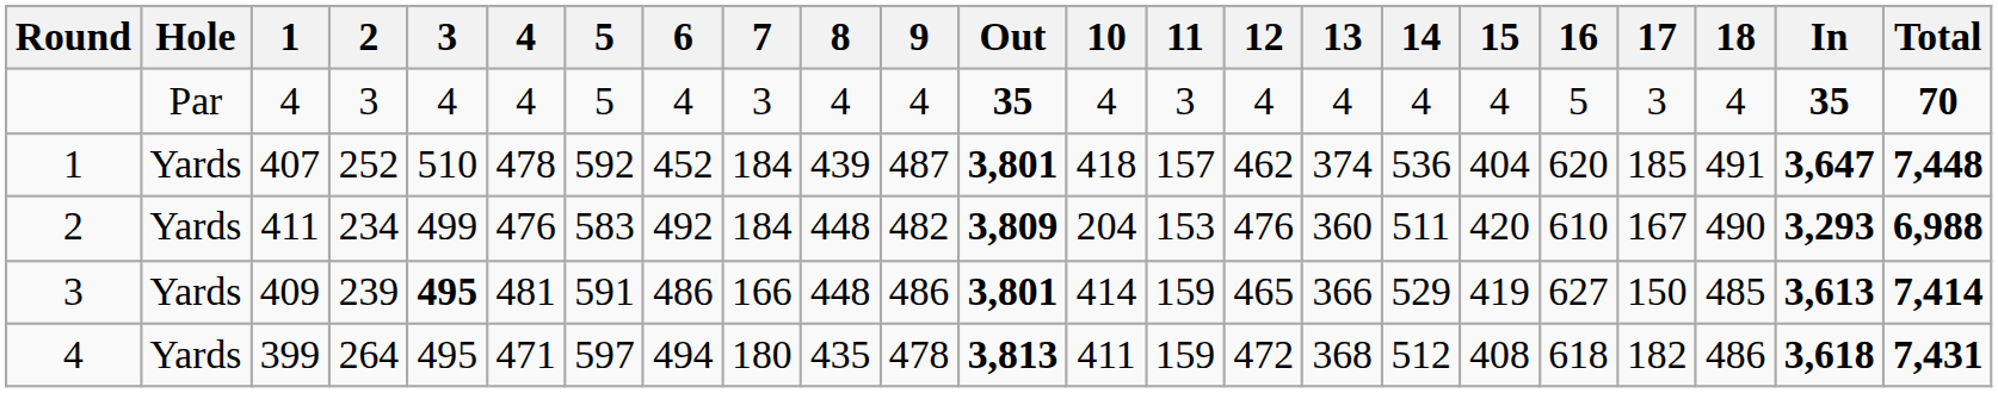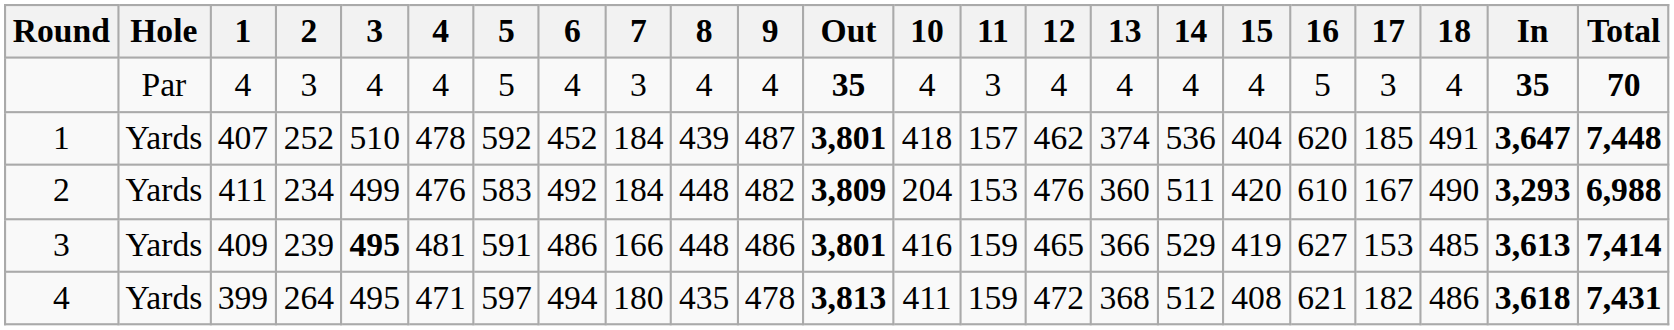 <table class="wikitable" style="text-align:center">
 <tr>
 <th>Round</th>
 <th align="left">Hole</th>
 <th>1</th>
 <th>2</th>
 <th>3</th>
 <th>4</th>
 <th>5</th>
 <th>6</th>
 <th>7</th>
 <th>8</th>
 <th>9</th>
 <th>Out</th>
 <th>10</th>
 <th>11</th>
 <th>12</th>
 <th>13</th>
 <th>14</th>
 <th>15</th>
 <th>16</th>
 <th>17</th>
 <th>18</th>
 <th>In</th>
 <th>Total</th>
 </tr>
 <tr>
 <td></td>
 <td>Par</td>
 <td>4</td>
 <td>3</td>
 <td>4</td>
 <td>4</td>
 <td>5</td>
 <td>4</td>
 <td>3</td>
 <td>4</td>
 <td>4</td>
 <td><strong>35</strong></td>
 <td>4</td>
 <td>3</td>
 <td>4</td>
 <td>4</td>
 <td>4</td>
 <td>4</td>
 <td>5</td>
 <td>3</td>
 <td>4</td>
 <td><strong>35</strong></td>
 <td><strong>70</strong></td>
 </tr>
 <tr>
 <td>1</td>
 <td align="left">Yards</td>
 <td>407</td>
 <td>252</td>
 <td>510</td>
 <td>478</td>
 <td>592</td>
 <td>452</td>
 <td>184</td>
 <td>439</td>
 <td>487</td>
 <td><strong>3,801</strong></td>
 <td>418</td>
 <td>157</td>
 <td>462</td>
 <td>374</td>
 <td>536</td>
 <td>404</td>
 <td>620</td>
 <td>185</td>
 <td>491</td>
 <td><strong>3,647</strong></td>
 <td><strong>7,448</strong></td>
 </tr>
 <tr>
 <td>2</td>
 <td align="left">Yards</td>
 <td>411</td>
 <td>234</td>
 <td>499</td>
 <td>476</td>
 <td>583</td>
 <td>492</td>
 <td>184</td>
 <td>448</td>
 <td>482</td>
 <td><strong>3,809</strong></td>
 <td>204</td>
 <td>153</td>
 <td>476</td>
 <td>360</td>
 <td>511</td>
 <td>420</td>
 <td>610</td>
 <td>167</td>
 <td>490</td>
 <td><strong>3,293</strong></td>
 <td><strong>6,988</strong></td>
 </tr>
 <tr>
 <td>3</td>
 <td align="left">Yards</td>
 <td>409</td>
 <td>239</td>
 <td><strong>495</strong></td>
 <td>481</td>
 <td>591</td>
 <td>486</td>
 <td>166</td>
 <td>448</td>
 <td>486</td>
 <td><strong>3,801</strong></td>
-<td>414</td>
+<td>416</td>
 <td>159</td>
 <td>465</td>
 <td>366</td>
 <td>529</td>
 <td>419</td>
 <td>627</td>
-<td>150</td>
+<td>153</td>
 <td>485</td>
 <td><strong>3,613</strong></td>
 <td><strong>7,414</strong></td>
 </tr>
 <tr>
 <td>4</td>
 <td align="left">Yards</td>
 <td>399</td>
 <td>264</td>
 <td>495</td>
 <td>471</td>
 <td>597</td>
 <td>494</td>
 <td>180</td>
 <td>435</td>
 <td>478</td>
 <td><strong>3,813</strong></td>
 <td>411</td>
 <td>159</td>
 <td>472</td>
 <td>368</td>
 <td>512</td>
 <td>408</td>
-<td>618</td>
+<td>621</td>
 <td>182</td>
 <td>486</td>
 <td><strong>3,618</strong></td>
 <td><strong>7,431</strong></td>
 </tr>
 </table>
